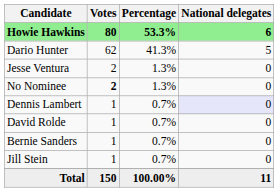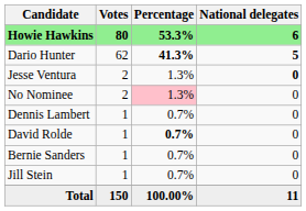 <table class="wikitable" style="text-align:right;">
 <tr>
 <th>Candidate</th>
 <th>Votes</th>
 <th>Percentage</th>
 <th>National delegates</th>
 </tr>
 <tr style="background:lightgreen;">
 <td style="text-align:left;"><strong>Howie Hawkins</strong></td>
 <td><strong>80</strong></td>
 <td><strong>53.3%</strong></td>
 <td><strong>6</strong></td>
 </tr>
 <tr>
 <td style="text-align:left;">Dario Hunter</td>
 <td>62</td>
-<td>41.3%</td>
-<td>5</td>
+<td><strong>41.3%</strong></td>
+<td><strong>5</strong></td>
 </tr>
 <tr>
 <td style="text-align:left;">Jesse Ventura</td>
 <td>2</td>
 <td>1.3%</td>
-<td>0</td>
+<td><strong>0</strong></td>
 </tr>
 <tr>
 <td style="text-align:left;">No Nominee</td>
-<td><strong>2</strong></td>
-<td>1.3%</td>
+<td>2</td>
+<td style="background: pink;">1.3%</td>
 <td>0</td>
 </tr>
 <tr>
 <td style="text-align:left;">Dennis Lambert</td>
 <td>1</td>
 <td>0.7%</td>
-<td style="background: lavender;">0</td>
+<td>0</td>
 </tr>
 <tr>
 <td style="text-align:left;">David Rolde</td>
 <td>1</td>
-<td>0.7%</td>
+<td><strong>0.7%</strong></td>
 <td>0</td>
 </tr>
 <tr>
 <td style="text-align:left;">Bernie Sanders</td>
 <td>1</td>
 <td>0.7%</td>
 <td>0</td>
 </tr>
 <tr>
 <td style="text-align:left;">Jill Stein</td>
 <td>1</td>
 <td>0.7%</td>
 <td>0</td>
 </tr>
 <tr>
 </tr>
 <tr style="background:#eee;">
 <td style="margin-right:0.50px"><strong>Total</strong></td>
 <td style="margin-right:0.50px"><strong>150</strong></td>
 <td style="margin-right:0.50px"><strong>100.00%</strong></td>
 <td style="margin-right:0.50px"><strong>11</strong></td>
 </tr>
 </table>
